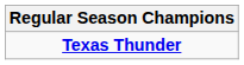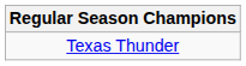 <table class="wikitable" style="text-align:center">
 <tr>
 <th>Regular Season Champions</th>
 </tr>
 <tr>
-<td><strong><a href='#'>Texas Thunder</a></strong></td>
+<td><a href='#'>Texas Thunder</a></td>
 </tr>
 </table>
